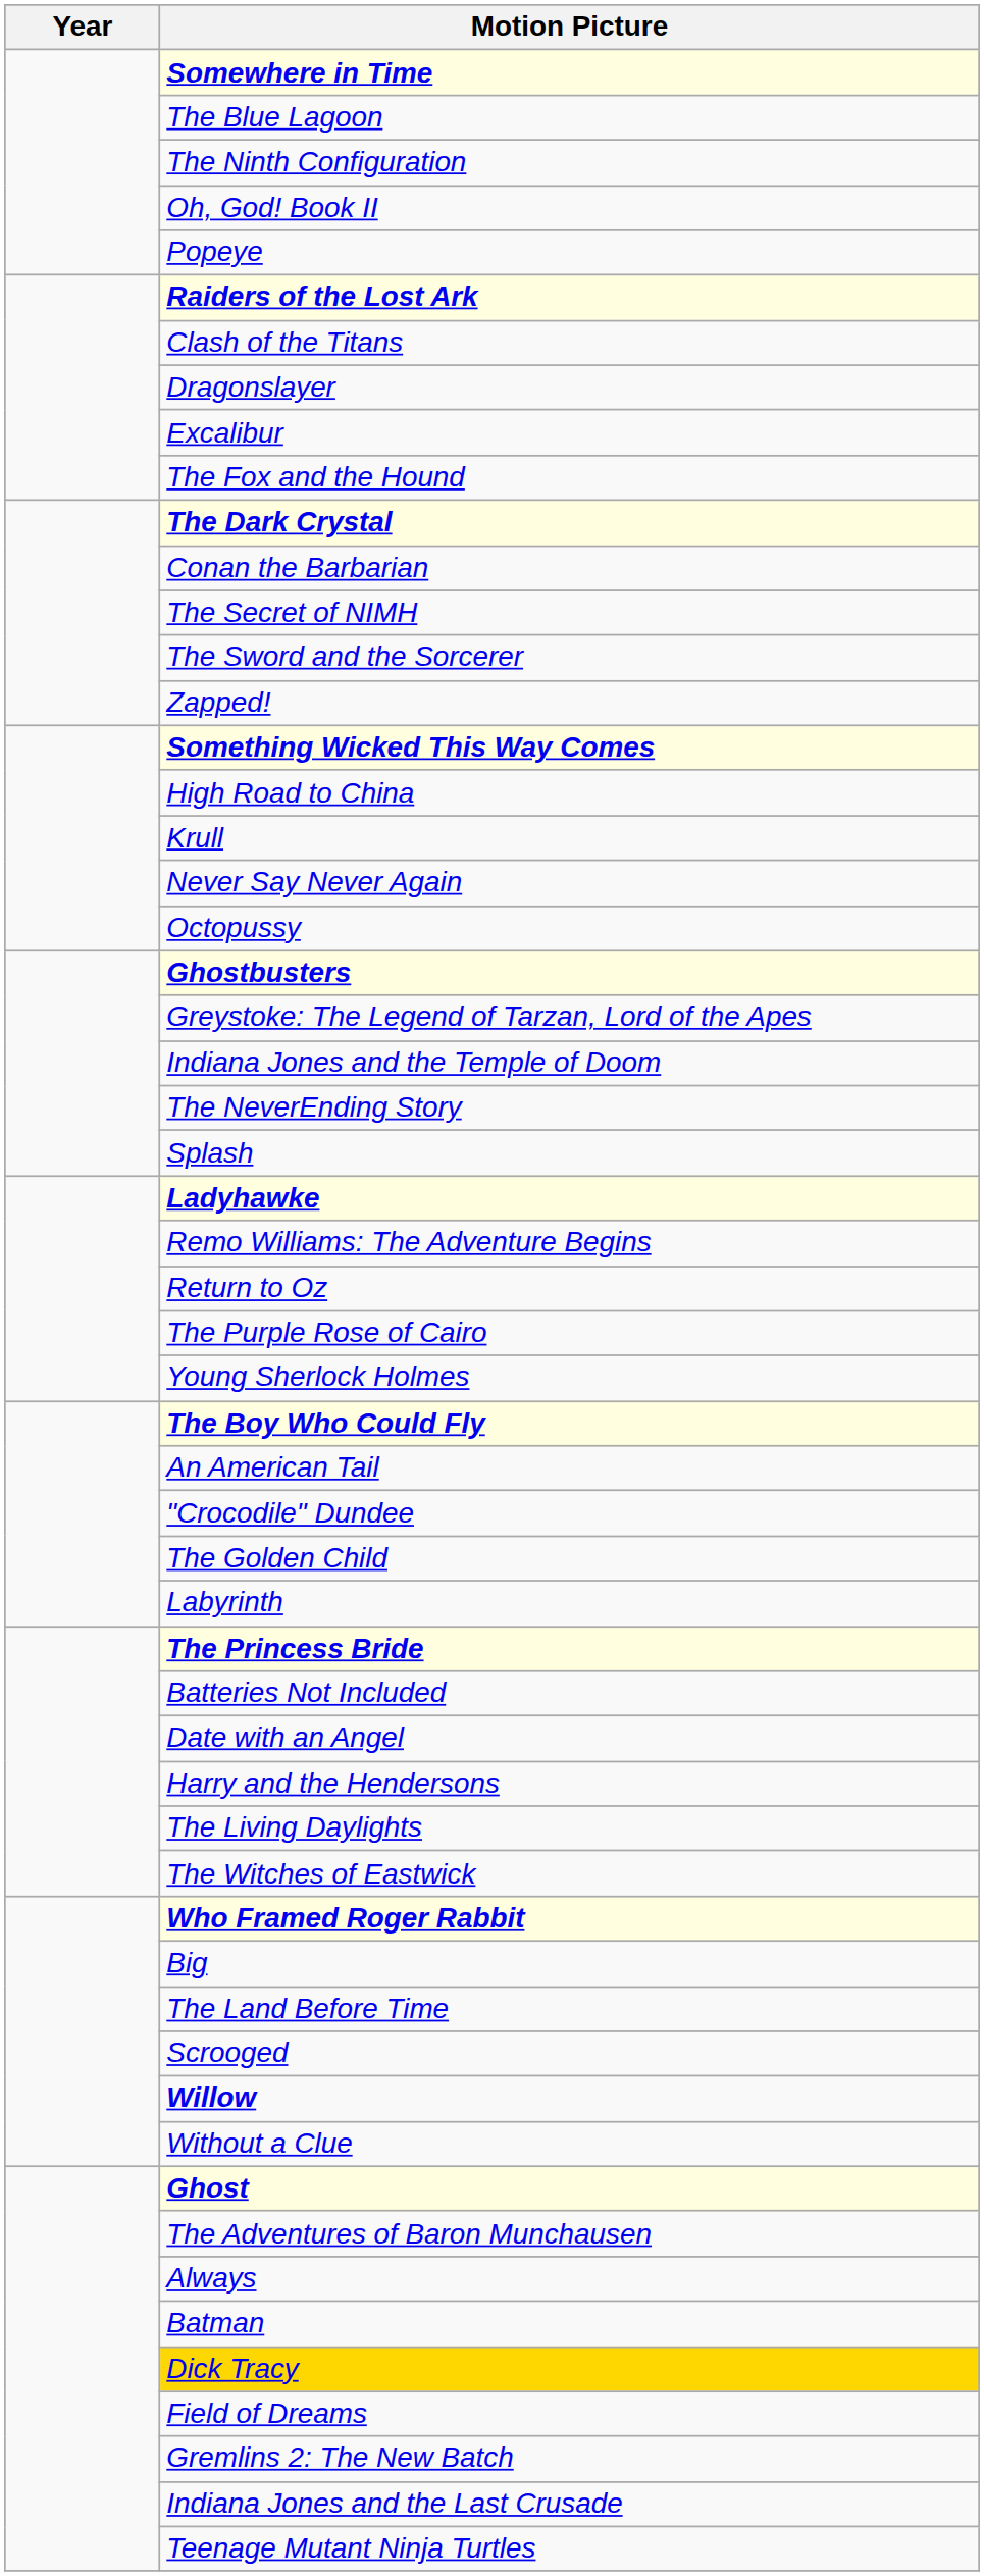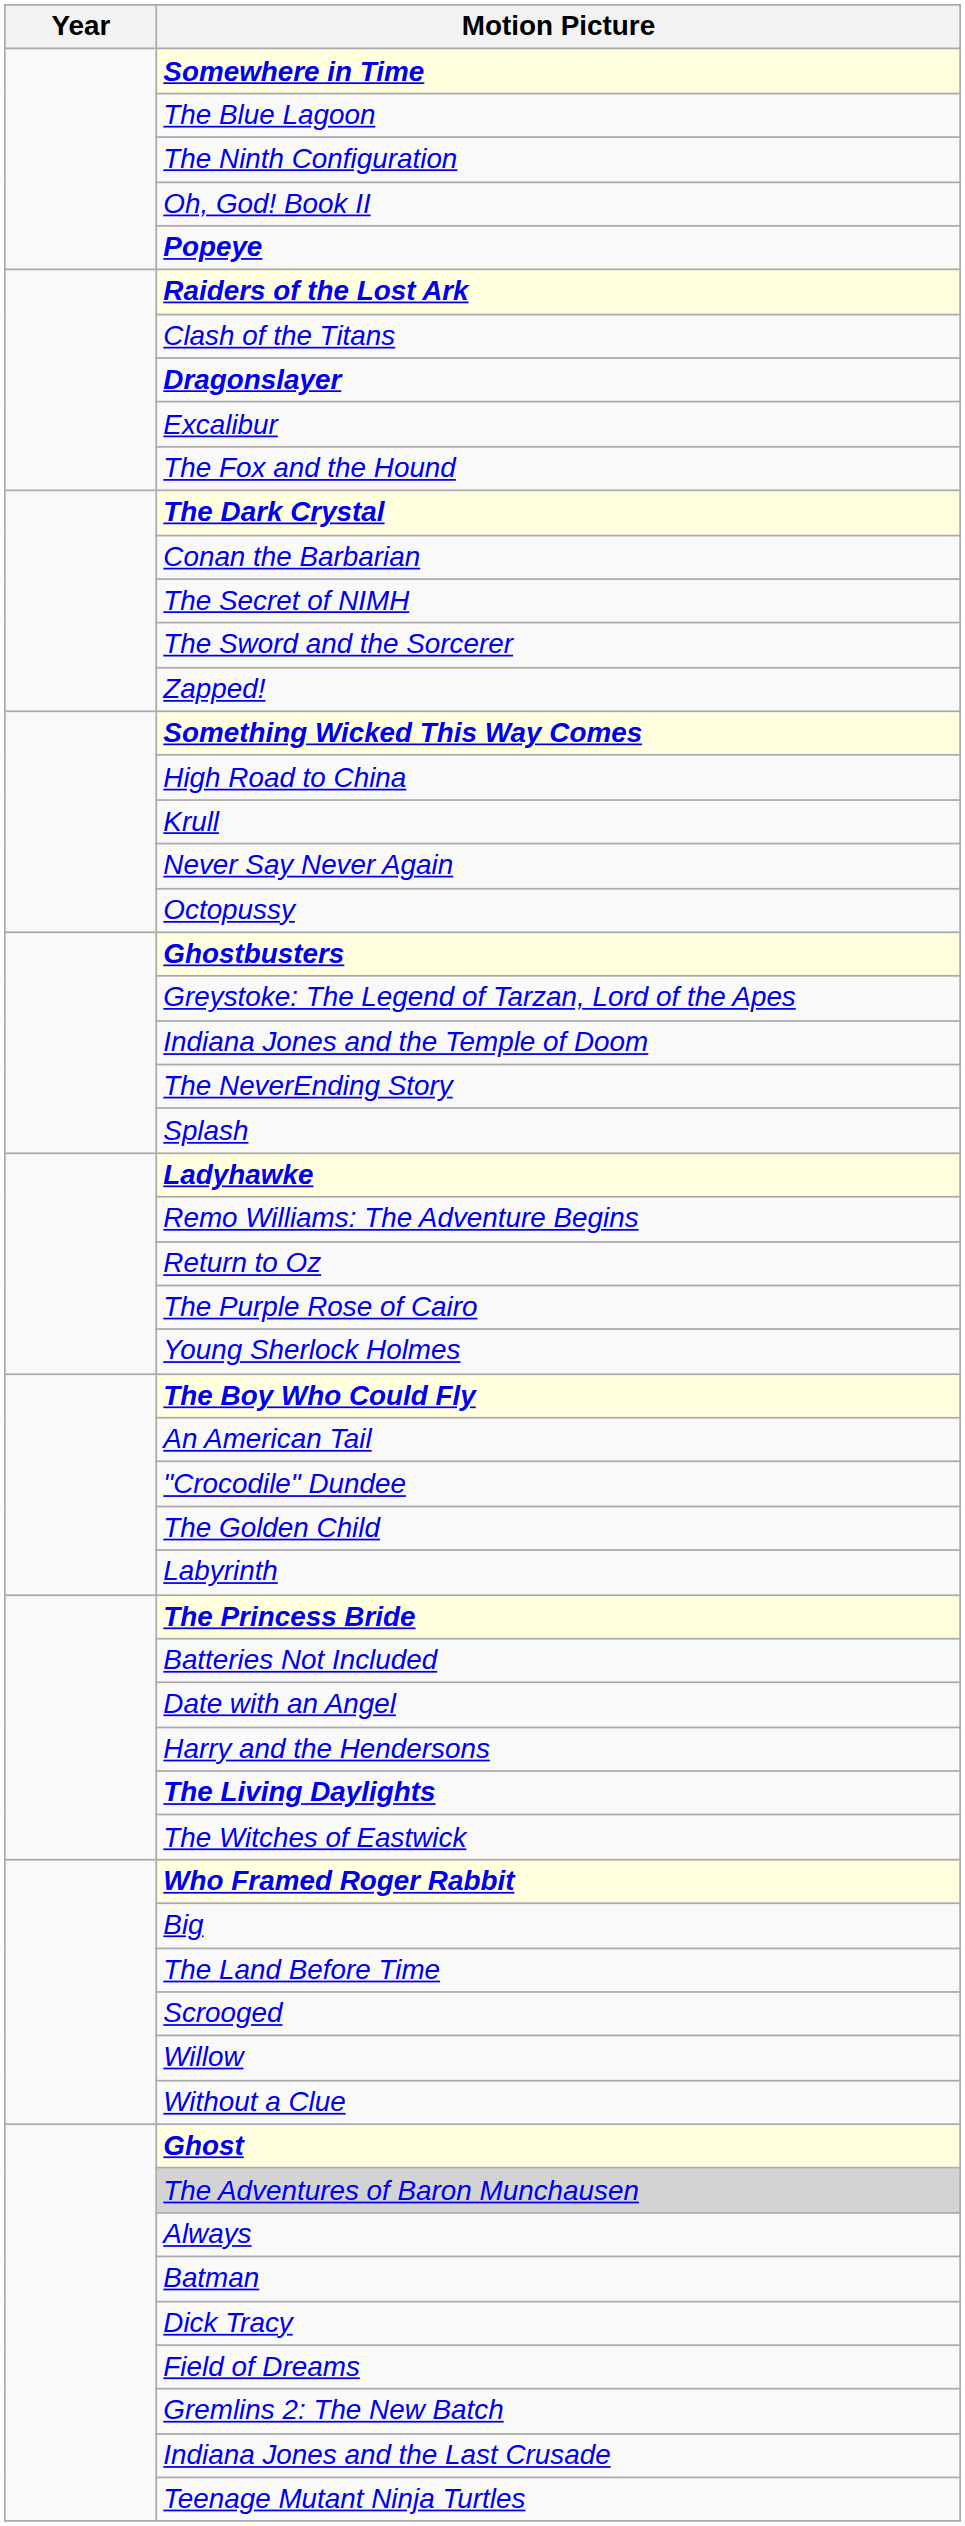 <table class="wikitable" width="550px" border="1" cellpadding="5" cellspacing="0" align="centre">
 <tr>
 <th width="80px">Year</th>
 <th>Motion Picture</th>
 </tr>
 <tr>
 <td rowspan=5></td>
 <td style="background:lightyellow"><strong><em><a href='#'>Somewhere in Time</a></em></strong></td>
 </tr>
 <tr>
 <td><em><a href='#'>The Blue Lagoon</a></em></td>
 </tr>
 <tr>
 <td><em><a href='#'>The Ninth Configuration</a></em></td>
 </tr>
 <tr>
 <td><em><a href='#'>Oh, God! Book II</a></em></td>
 </tr>
 <tr>
-<td><em><a href='#'>Popeye</a></em></td>
+<td><strong><em><a href='#'>Popeye</a></em></strong></td>
 </tr>
 <tr>
 <td rowspan=5></td>
 <td style="background:lightyellow"><strong><em><a href='#'>Raiders of the Lost Ark</a></em></strong></td>
 </tr>
 <tr>
 <td><em><a href='#'>Clash of the Titans</a></em></td>
 </tr>
 <tr>
-<td><em><a href='#'>Dragonslayer</a></em></td>
+<td><strong><em><a href='#'>Dragonslayer</a></em></strong></td>
 </tr>
 <tr>
 <td><em><a href='#'>Excalibur</a></em></td>
 </tr>
 <tr>
 <td><em><a href='#'>The Fox and the Hound</a></em></td>
 </tr>
 <tr>
 <td rowspan=5></td>
 <td style="background:lightyellow"><strong><em><a href='#'>The Dark Crystal</a></em></strong></td>
 </tr>
 <tr>
 <td><em><a href='#'>Conan the Barbarian</a></em></td>
 </tr>
 <tr>
 <td><em><a href='#'>The Secret of NIMH</a></em></td>
 </tr>
 <tr>
 <td><em><a href='#'>The Sword and the Sorcerer</a></em></td>
 </tr>
 <tr>
 <td><em><a href='#'>Zapped!</a></em></td>
 </tr>
 <tr>
 <td rowspan=5></td>
 <td style="background:lightyellow"><strong><em><a href='#'>Something Wicked This Way Comes</a></em></strong></td>
 </tr>
 <tr>
 <td><em><a href='#'>High Road to China</a></em></td>
 </tr>
 <tr>
 <td><em><a href='#'>Krull</a></em></td>
 </tr>
 <tr>
 <td><em><a href='#'>Never Say Never Again</a></em></td>
 </tr>
 <tr>
 <td><em><a href='#'>Octopussy</a></em></td>
 </tr>
 <tr>
 <td rowspan=5></td>
 <td style="background:lightyellow"><strong><em><a href='#'>Ghostbusters</a></em></strong></td>
 </tr>
 <tr>
 <td><em><a href='#'>Greystoke: The Legend of Tarzan, Lord of the Apes</a></em></td>
 </tr>
 <tr>
 <td><em><a href='#'>Indiana Jones and the Temple of Doom</a></em></td>
 </tr>
 <tr>
 <td><em><a href='#'>The NeverEnding Story</a></em></td>
 </tr>
 <tr>
 <td><em><a href='#'>Splash</a></em></td>
 </tr>
 <tr>
 <td rowspan=5></td>
 <td style="background:lightyellow"><strong><em><a href='#'>Ladyhawke</a></em></strong></td>
 </tr>
 <tr>
 <td><em><a href='#'>Remo Williams: The Adventure Begins</a></em></td>
 </tr>
 <tr>
 <td><em><a href='#'>Return to Oz</a></em></td>
 </tr>
 <tr>
 <td><em><a href='#'>The Purple Rose of Cairo</a></em></td>
 </tr>
 <tr>
 <td><em><a href='#'>Young Sherlock Holmes</a></em></td>
 </tr>
 <tr>
 <td rowspan=5></td>
 <td style="background:lightyellow"><strong><em><a href='#'>The Boy Who Could Fly</a></em></strong></td>
 </tr>
 <tr>
 <td><em><a href='#'>An American Tail</a></em></td>
 </tr>
 <tr>
 <td><em><a href='#'>"Crocodile" Dundee</a></em></td>
 </tr>
 <tr>
 <td><em><a href='#'>The Golden Child</a></em></td>
 </tr>
 <tr>
 <td><em><a href='#'>Labyrinth</a></em></td>
 </tr>
 <tr>
 <td rowspan=6></td>
 <td style="background:lightyellow"><strong><em><a href='#'>The Princess Bride</a></em></strong></td>
 </tr>
 <tr>
 <td><em><a href='#'>Batteries Not Included</a></em></td>
 </tr>
 <tr>
 <td><em><a href='#'>Date with an Angel</a></em></td>
 </tr>
 <tr>
 <td><em><a href='#'>Harry and the Hendersons</a></em></td>
 </tr>
 <tr>
-<td><em><a href='#'>The Living Daylights</a></em></td>
+<td><strong><em><a href='#'>The Living Daylights</a></em></strong></td>
 </tr>
 <tr>
 <td><em><a href='#'>The Witches of Eastwick</a></em></td>
 </tr>
 <tr>
 <td rowspan=6></td>
 <td style="background:lightyellow"><strong><em><a href='#'>Who Framed Roger Rabbit</a></em></strong></td>
 </tr>
 <tr>
 <td><em><a href='#'>Big</a></em></td>
 </tr>
 <tr>
 <td><em><a href='#'>The Land Before Time</a></em></td>
 </tr>
 <tr>
 <td><em><a href='#'>Scrooged</a></em></td>
 </tr>
 <tr>
-<td><strong><em><a href='#'>Willow</a></em></strong></td>
+<td><em><a href='#'>Willow</a></em></td>
 </tr>
 <tr>
 <td><em><a href='#'>Without a Clue</a></em></td>
 </tr>
 <tr>
 <td rowspan=9></td>
 <td style="background:lightyellow"><strong><em><a href='#'>Ghost</a></em></strong></td>
 </tr>
 <tr>
-<td><em><a href='#'>The Adventures of Baron Munchausen</a></em></td>
+<td style="background: lightgrey;"><em><a href='#'>The Adventures of Baron Munchausen</a></em></td>
 </tr>
 <tr>
 <td><em><a href='#'>Always</a></em></td>
 </tr>
 <tr>
 <td><em><a href='#'>Batman</a></em></td>
 </tr>
 <tr>
-<td style="background: gold;"><em><a href='#'>Dick Tracy</a></em></td>
+<td><em><a href='#'>Dick Tracy</a></em></td>
 </tr>
 <tr>
 <td><em><a href='#'>Field of Dreams</a></em></td>
 </tr>
 <tr>
 <td><em><a href='#'>Gremlins 2: The New Batch</a></em></td>
 </tr>
 <tr>
 <td><em><a href='#'>Indiana Jones and the Last Crusade</a></em></td>
 </tr>
 <tr>
 <td><em><a href='#'>Teenage Mutant Ninja Turtles</a></em></td>
 </tr>
 </table>
